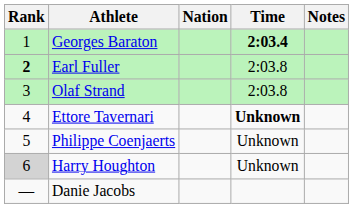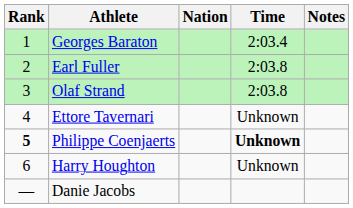 <table class="wikitable sortable" style="text-align:center">
 <tr>
 <th>Rank</th>
 <th>Athlete</th>
 <th>Nation</th>
 <th>Time</th>
 <th>Notes</th>
 </tr>
 <tr bgcolor=bbf3bb>
 <td>1</td>
 <td align=left><a href='#'>Georges Baraton</a></td>
 <td align=left></td>
-<td><strong>2:03.4</strong></td>
+<td>2:03.4</td>
 <td></td>
 </tr>
 <tr bgcolor=bbf3bb>
-<td><strong>2</strong></td>
+<td>2</td>
 <td align=left><a href='#'>Earl Fuller</a></td>
 <td align=left></td>
 <td>2:03.8</td>
 <td></td>
 </tr>
 <tr bgcolor=bbf3bb>
 <td>3</td>
 <td align=left><a href='#'>Olaf Strand</a></td>
 <td align=left></td>
 <td>2:03.8</td>
 <td></td>
 </tr>
 <tr>
 <td>4</td>
 <td align=left><a href='#'>Ettore Tavernari</a></td>
 <td align=left></td>
+<td data-sort-value=3:00.0>Unknown</td>
+<td></td>
+</tr>
+<tr>
+<td><strong>5</strong></td>
+<td align=left><a href='#'>Philippe Coenjaerts</a></td>
+<td align=left></td>
 <td data-sort-value=3:00.0><strong>Unknown</strong></td>
 <td></td>
 </tr>
 <tr>
-<td>5</td>
-<td align=left><a href='#'>Philippe Coenjaerts</a></td>
-<td align=left></td>
-<td data-sort-value=3:00.0>Unknown</td>
-<td></td>
-</tr>
-<tr>
-<td style="background: lightgrey;">6</td>
+<td>6</td>
 <td align=left><a href='#'>Harry Houghton</a></td>
 <td align=left></td>
 <td data-sort-value=3:00.0>Unknown</td>
 <td></td>
 </tr>
 <tr>
 <td data-sort-value=7>—</td>
 <td align=left>Danie Jacobs</td>
 <td align=left></td>
 <td></td>
 </tr>
 </table>
